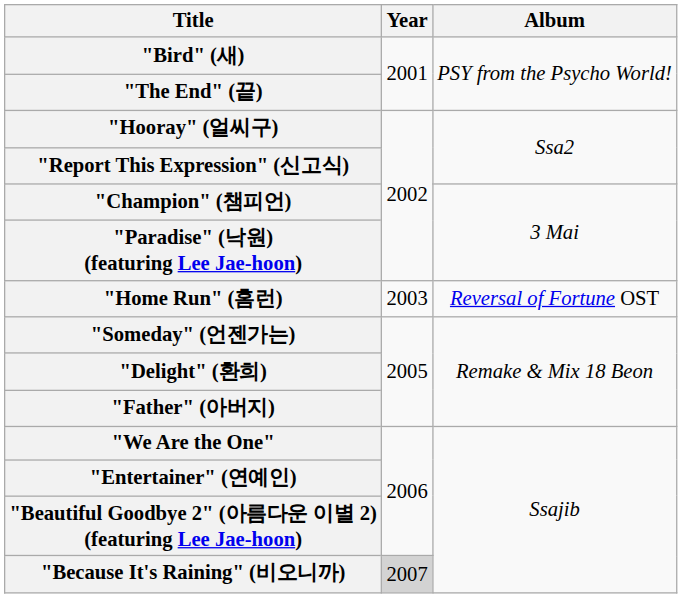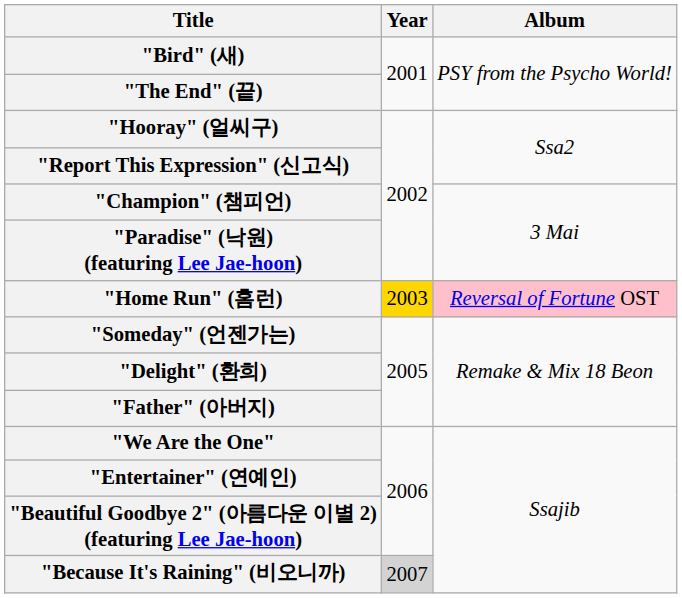 <table class="wikitable plainrowheaders" style="text-align:center;">
 <tr>
 <th scope="col">Title</th>
 <th scope="col">Year</th>
 <th scope="col">Album</th>
 </tr>
 <tr>
 <th scope="row">"Bird" (새)</th>
 <td rowspan="2">2001</td>
 <td rowspan="2"><em>PSY from the Psycho World!</em></td>
 </tr>
 <tr>
 <th scope="row">"The End" (끝)</th>
 </tr>
 <tr>
 <th scope="row">"Hooray" (얼씨구)</th>
 <td rowspan="4">2002</td>
 <td rowspan="2"><em>Ssa2</em></td>
 </tr>
 <tr>
 <th scope="row">"Report This Expression" (신고식)</th>
 </tr>
 <tr>
 <th scope="row">"Champion" (챔피언)</th>
 <td rowspan="2"><em>3 Mai</em></td>
 </tr>
 <tr>
 <th scope="row">"Paradise" (낙원)<br><span>(featuring <a href='#'>Lee Jae-hoon</a>)</span></th>
 </tr>
 <tr>
 <th scope="row">"Home Run" (홈런)</th>
-<td>2003</td>
-<td><em><a href='#'>Reversal of Fortune</a></em> OST</td>
+<td style="background: gold;">2003</td>
+<td style="background: pink;"><em><a href='#'>Reversal of Fortune</a></em> OST</td>
 </tr>
 <tr>
 <th scope="row">"Someday" (언젠가는)</th>
 <td rowspan="3">2005</td>
 <td rowspan="3"><em>Remake & Mix 18 Beon</em></td>
 </tr>
 <tr>
 <th scope="row">"Delight" (환희)</th>
 </tr>
 <tr>
 <th scope="row">"Father" (아버지)</th>
 </tr>
 <tr>
 <th scope="row">"We Are the One"</th>
 <td rowspan="3">2006</td>
 <td rowspan="4"><em>Ssajib</em></td>
 </tr>
 <tr>
 <th scope="row">"Entertainer" (연예인)</th>
 </tr>
 <tr>
 <th scope="row">"Beautiful Goodbye 2" (아름다운 이별 2)<br><span>(featuring <a href='#'>Lee Jae-hoon</a>)</span></th>
 </tr>
 <tr>
 <th scope="row">"Because It's Raining" (비오니까)</th>
 <td style="background: lightgrey;">2007</td>
 </tr>
 </table>
